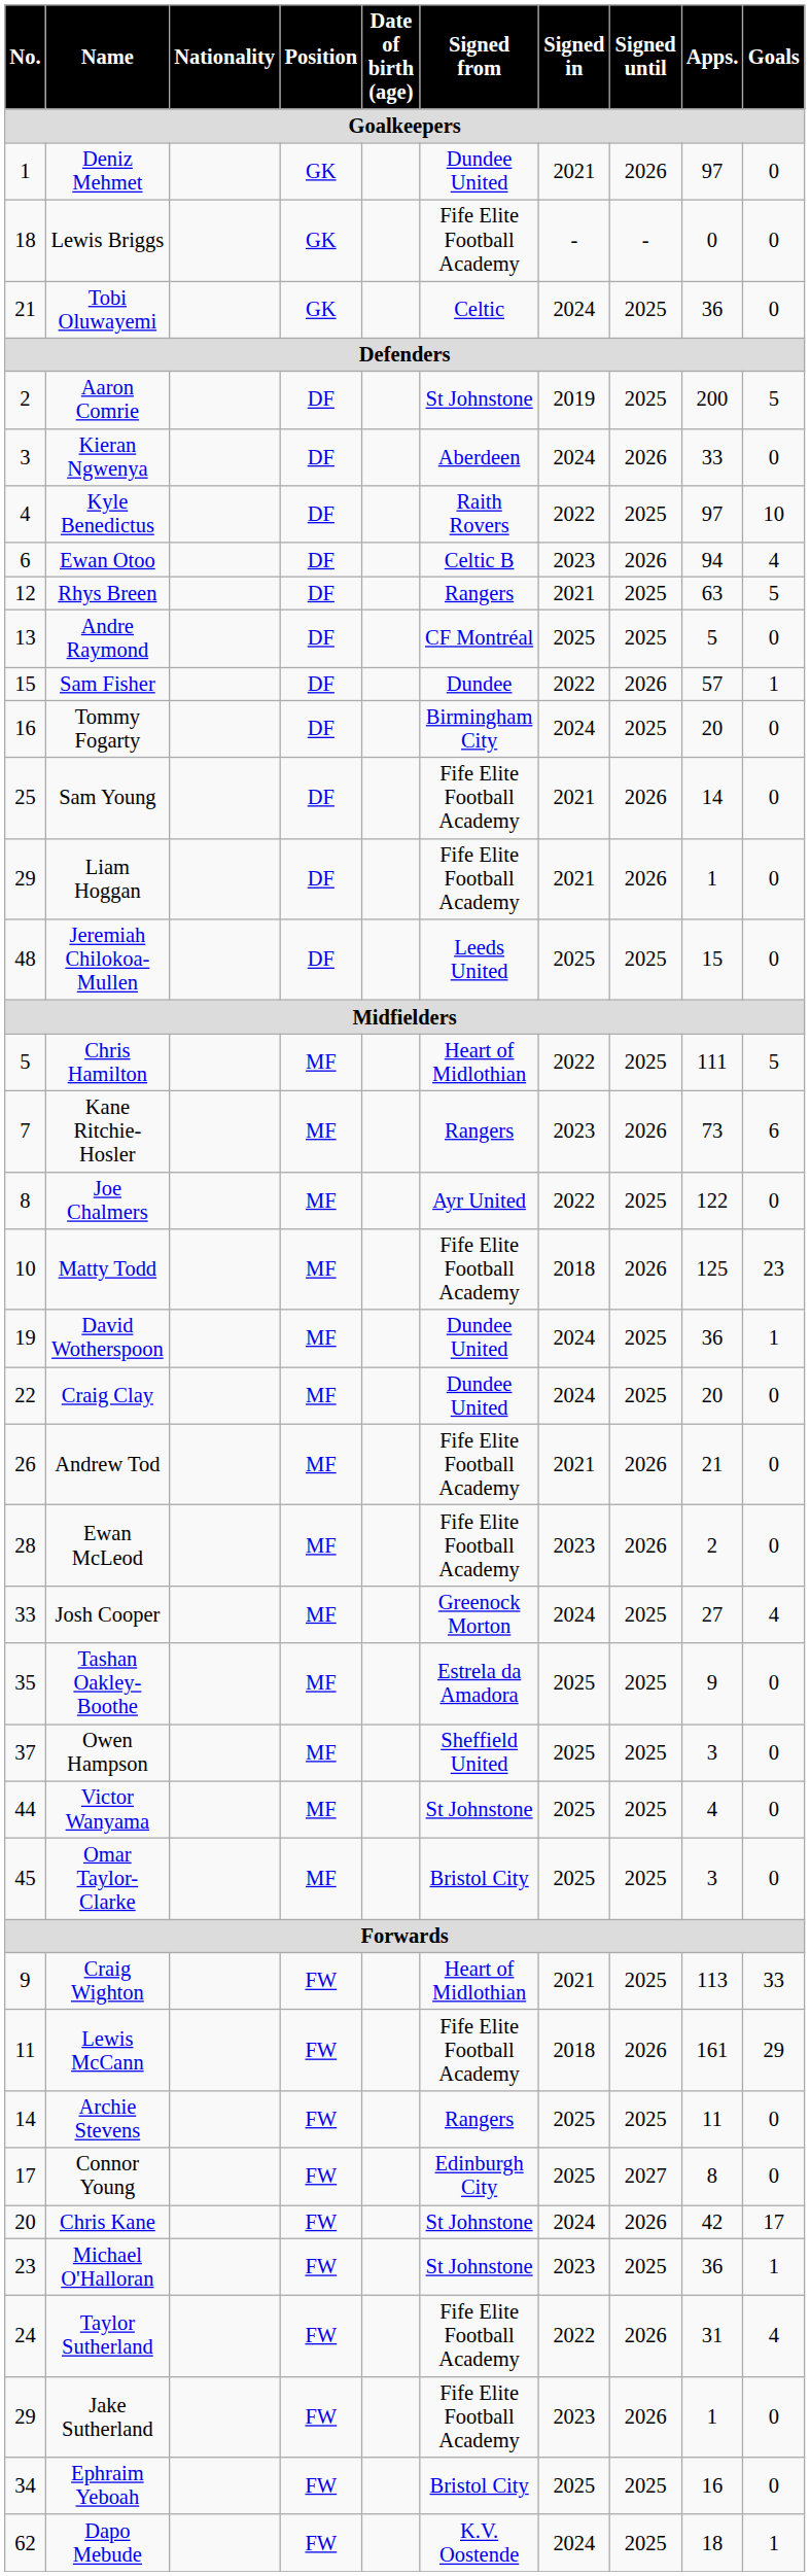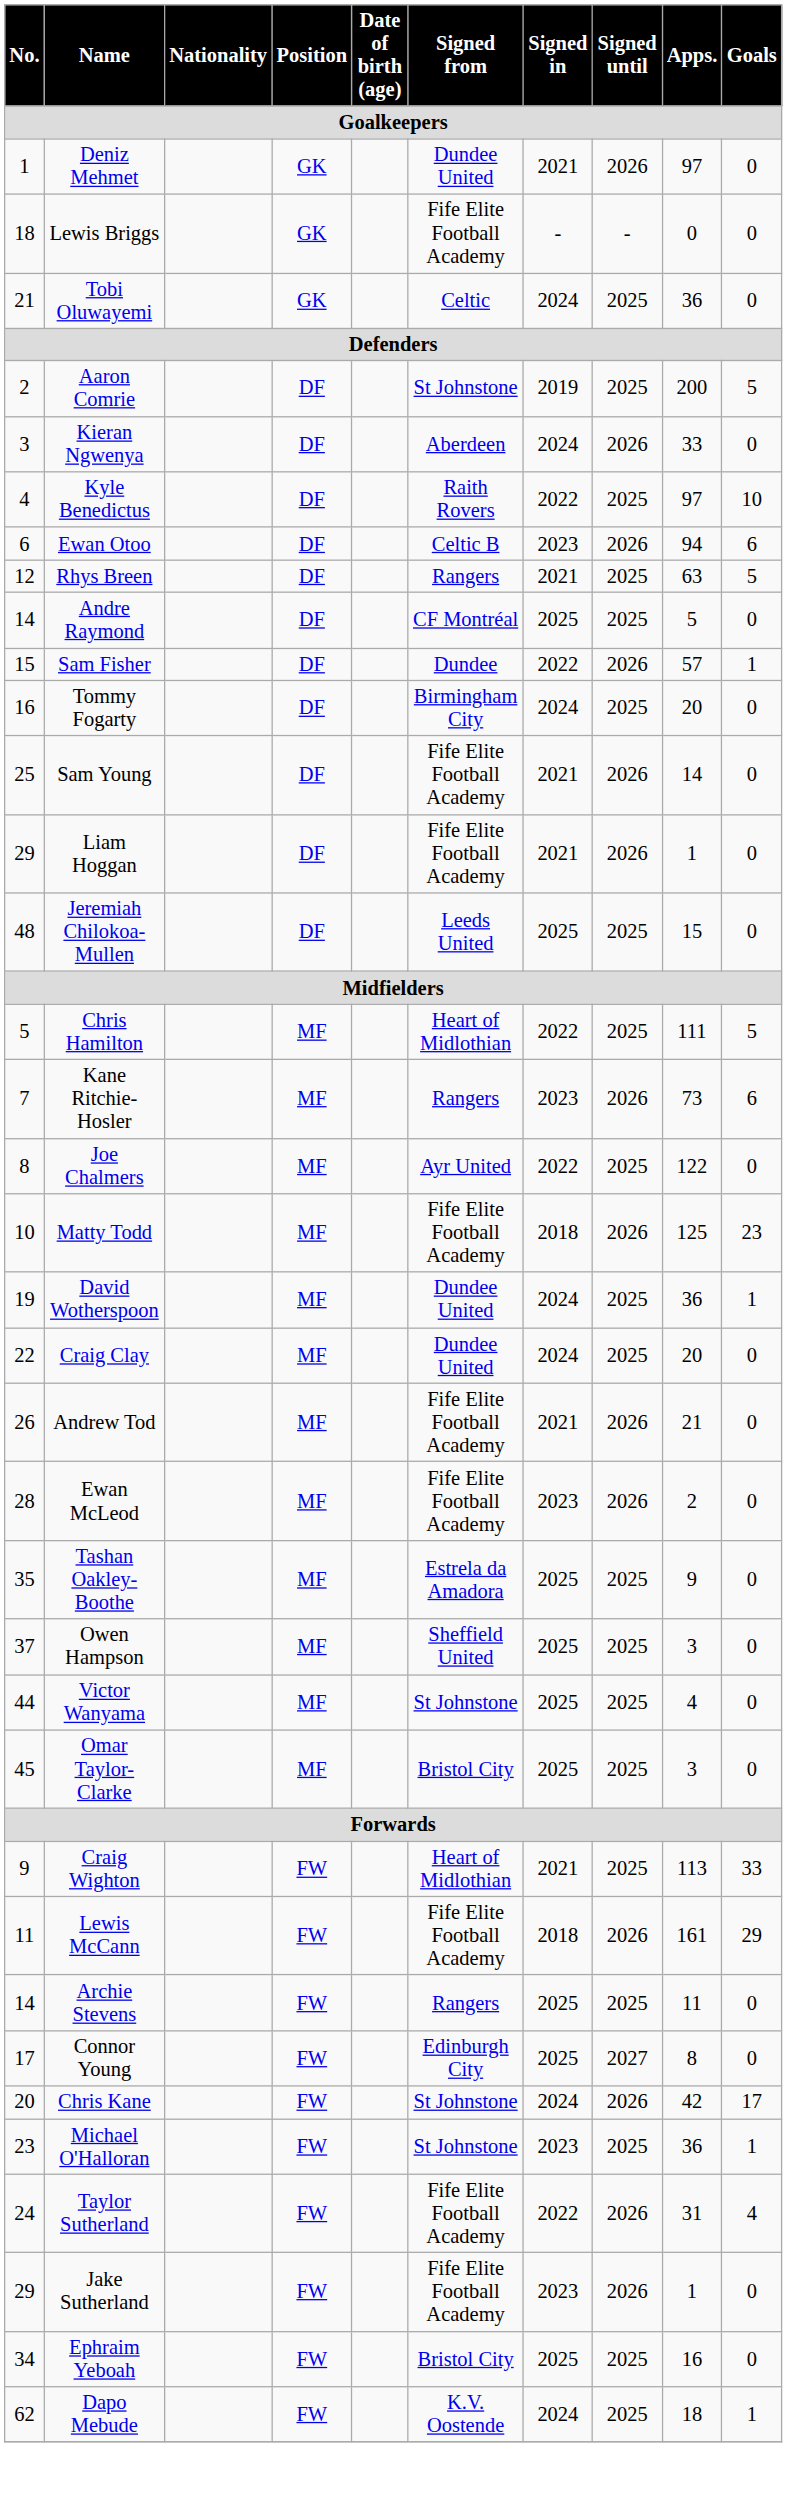 <table class="wikitable"  style="text-align:center">
 <tr>
 <th style="background:#000000; color:white; text-align:center;">No.</th>
 <th style="background:#000000; color:white; text-align:center;">Name</th>
 <th style="background:#000000; color:white; text-align:center;">Nationality</th>
 <th style="background:#000000; color:white; text-align:center;">Position</th>
 <th style="background:#000000; color:white; text-align:center;">Date of birth (age)</th>
 <th style="background:#000000; color:white; text-align:center;">Signed from</th>
 <th style="background:#000000; color:white; text-align:center;">Signed in</th>
 <th style="background:#000000; color:white; text-align:center;">Signed until</th>
 <th style="background:#000000; color:white; text-align:center;">Apps.</th>
 <th style="background:#000000; color:white; te13xt-align:center;">Goals</th>
 </tr>
 <tr>
 <th colspan="10" style="background:#dcdcdc; text-align:center;">Goalkeepers</th>
 </tr>
 <tr>
 <td>1</td>
 <td><a href='#'>Deniz Mehmet</a></td>
 <td></td>
 <td><a href='#'>GK</a></td>
 <td></td>
 <td><a href='#'>Dundee United</a></td>
 <td>2021</td>
 <td>2026</td>
 <td>97</td>
 <td>0</td>
 </tr>
 <tr>
 <td>18</td>
 <td>Lewis Briggs</td>
 <td></td>
 <td><a href='#'>GK</a></td>
 <td></td>
 <td>Fife Elite Football Academy</td>
 <td>-</td>
 <td>-</td>
 <td>0</td>
 <td>0</td>
 </tr>
 <tr>
 <td>21</td>
 <td><a href='#'>Tobi Oluwayemi</a></td>
 <td></td>
 <td><a href='#'>GK</a></td>
 <td></td>
 <td><a href='#'>Celtic</a></td>
 <td>2024</td>
 <td>2025</td>
 <td>36</td>
 <td>0</td>
 </tr>
 <tr>
 <th colspan="10" style="background:#dcdcdc; text-align:center;">Defenders</th>
 </tr>
 <tr>
 <td>2</td>
 <td><a href='#'>Aaron Comrie</a></td>
 <td></td>
 <td><a href='#'>DF</a></td>
 <td></td>
 <td><a href='#'>St Johnstone</a></td>
 <td>2019</td>
 <td>2025</td>
 <td>200</td>
 <td>5</td>
 </tr>
 <tr>
 <td>3</td>
 <td><a href='#'>Kieran Ngwenya</a></td>
 <td></td>
 <td><a href='#'>DF</a></td>
 <td></td>
 <td><a href='#'>Aberdeen</a></td>
 <td>2024</td>
 <td>2026</td>
 <td>33</td>
 <td>0</td>
 </tr>
 <tr>
 <td>4</td>
 <td><a href='#'>Kyle Benedictus</a></td>
 <td></td>
 <td><a href='#'>DF</a></td>
 <td></td>
 <td><a href='#'>Raith Rovers</a></td>
 <td>2022</td>
 <td>2025</td>
 <td>97</td>
 <td>10</td>
 </tr>
 <tr>
 <td>6</td>
 <td><a href='#'>Ewan Otoo</a></td>
 <td></td>
 <td><a href='#'>DF</a></td>
 <td></td>
 <td><a href='#'>Celtic B</a></td>
 <td>2023</td>
 <td>2026</td>
 <td>94</td>
-<td>4</td>
+<td>6</td>
 </tr>
 <tr>
 <td>12</td>
 <td><a href='#'>Rhys Breen</a></td>
 <td></td>
 <td><a href='#'>DF</a></td>
 <td></td>
 <td><a href='#'>Rangers</a></td>
 <td>2021</td>
 <td>2025</td>
 <td>63</td>
 <td>5</td>
 </tr>
 <tr>
-<td>13</td>
+<td>14</td>
 <td><a href='#'>Andre Raymond</a></td>
 <td></td>
 <td><a href='#'>DF</a></td>
 <td></td>
 <td><a href='#'>CF Montréal</a></td>
 <td>2025</td>
 <td>2025</td>
 <td>5</td>
 <td>0</td>
 </tr>
 <tr>
 <td>15</td>
 <td><a href='#'>Sam Fisher</a></td>
 <td></td>
 <td><a href='#'>DF</a></td>
 <td></td>
 <td><a href='#'>Dundee</a></td>
 <td>2022</td>
 <td>2026</td>
 <td>57</td>
 <td>1</td>
 </tr>
 <tr>
 <td>16</td>
 <td>Tommy Fogarty</td>
 <td></td>
 <td><a href='#'>DF</a></td>
 <td></td>
 <td><a href='#'>Birmingham City</a></td>
 <td>2024</td>
 <td>2025</td>
 <td>20</td>
 <td>0</td>
 </tr>
 <tr>
 <td>25</td>
 <td>Sam Young</td>
 <td></td>
 <td><a href='#'>DF</a></td>
 <td></td>
 <td>Fife Elite Football Academy</td>
 <td>2021</td>
 <td>2026</td>
 <td>14</td>
 <td>0</td>
 </tr>
 <tr>
 <td>29</td>
 <td>Liam Hoggan</td>
 <td></td>
 <td><a href='#'>DF</a></td>
 <td></td>
 <td>Fife Elite Football Academy</td>
 <td>2021</td>
 <td>2026</td>
 <td>1</td>
 <td>0</td>
 </tr>
 <tr>
 <td>48</td>
 <td><a href='#'>Jeremiah Chilokoa-Mullen</a></td>
 <td></td>
 <td><a href='#'>DF</a></td>
 <td></td>
 <td><a href='#'>Leeds United</a></td>
 <td>2025</td>
 <td>2025</td>
 <td>15</td>
 <td>0</td>
 </tr>
 <tr>
 <th colspan="10" style="background:#dcdcdc; text-align:center;">Midfielders</th>
 </tr>
 <tr>
 <td>5</td>
 <td><a href='#'>Chris Hamilton</a></td>
 <td></td>
 <td><a href='#'>MF</a></td>
 <td></td>
 <td><a href='#'>Heart of Midlothian</a></td>
 <td>2022</td>
 <td>2025</td>
 <td>111</td>
 <td>5</td>
 </tr>
 <tr>
 <td>7</td>
 <td>Kane Ritchie-Hosler</td>
 <td></td>
 <td><a href='#'>MF</a></td>
 <td></td>
 <td><a href='#'>Rangers</a></td>
 <td>2023</td>
 <td>2026</td>
 <td>73</td>
 <td>6</td>
 </tr>
 <tr>
 <td>8</td>
 <td><a href='#'>Joe Chalmers</a></td>
 <td></td>
 <td><a href='#'>MF</a></td>
 <td></td>
 <td><a href='#'>Ayr United</a></td>
 <td>2022</td>
 <td>2025</td>
 <td>122</td>
 <td>0</td>
 </tr>
 <tr>
 <td>10</td>
 <td><a href='#'>Matty Todd</a></td>
 <td></td>
 <td><a href='#'>MF</a></td>
 <td></td>
 <td>Fife Elite Football Academy</td>
 <td>2018</td>
 <td>2026</td>
 <td>125</td>
 <td>23</td>
 </tr>
 <tr>
 <td>19</td>
 <td><a href='#'>David Wotherspoon</a></td>
 <td></td>
 <td><a href='#'>MF</a></td>
 <td></td>
 <td><a href='#'>Dundee United</a></td>
 <td>2024</td>
 <td>2025</td>
 <td>36</td>
 <td>1</td>
 </tr>
 <tr>
 <td>22</td>
 <td><a href='#'>Craig Clay</a></td>
 <td></td>
 <td><a href='#'>MF</a></td>
 <td></td>
 <td><a href='#'>Dundee United</a></td>
 <td>2024</td>
 <td>2025</td>
 <td>20</td>
 <td>0</td>
 </tr>
 <tr>
 <td>26</td>
 <td>Andrew Tod</td>
 <td></td>
 <td><a href='#'>MF</a></td>
 <td></td>
 <td>Fife Elite Football Academy</td>
 <td>2021</td>
 <td>2026</td>
 <td>21</td>
 <td>0</td>
 </tr>
 <tr>
 <td>28</td>
 <td>Ewan McLeod</td>
 <td></td>
 <td><a href='#'>MF</a></td>
 <td></td>
 <td>Fife Elite Football Academy</td>
 <td>2023</td>
 <td>2026</td>
 <td>2</td>
 <td>0</td>
-</tr>
-<tr>
-<td>33</td>
-<td>Josh Cooper</td>
-<td></td>
-<td><a href='#'>MF</a></td>
-<td></td>
-<td><a href='#'>Greenock Morton</a></td>
-<td>2024</td>
-<td>2025</td>
-<td>27</td>
-<td>4</td>
 </tr>
 <tr>
 <td>35</td>
 <td><a href='#'>Tashan Oakley-Boothe</a></td>
 <td></td>
 <td><a href='#'>MF</a></td>
 <td></td>
 <td><a href='#'>Estrela da Amadora</a></td>
 <td>2025</td>
 <td>2025</td>
 <td>9</td>
 <td>0</td>
 </tr>
 <tr>
 <td>37</td>
 <td>Owen Hampson</td>
 <td></td>
 <td><a href='#'>MF</a></td>
 <td></td>
 <td><a href='#'>Sheffield United</a></td>
 <td>2025</td>
 <td>2025</td>
 <td>3</td>
 <td>0</td>
 </tr>
 <tr>
 <td>44</td>
 <td><a href='#'>Victor Wanyama</a></td>
 <td></td>
 <td><a href='#'>MF</a></td>
 <td></td>
 <td><a href='#'>St Johnstone</a></td>
 <td>2025</td>
 <td>2025</td>
 <td>4</td>
 <td>0</td>
 </tr>
 <tr>
 <td>45</td>
 <td><a href='#'>Omar Taylor-Clarke</a></td>
 <td></td>
 <td><a href='#'>MF</a></td>
 <td></td>
 <td><a href='#'>Bristol City</a></td>
 <td>2025</td>
 <td>2025</td>
 <td>3</td>
 <td>0</td>
 </tr>
 <tr>
 <th colspan="10" style="background:#dcdcdc; text-align:center;"><strong>Forwards</strong></th>
 </tr>
 <tr>
 <td>9</td>
 <td><a href='#'>Craig Wighton</a></td>
 <td></td>
 <td><a href='#'>FW</a></td>
 <td></td>
 <td><a href='#'>Heart of Midlothian</a></td>
 <td>2021</td>
 <td>2025</td>
 <td>113</td>
 <td>33</td>
 </tr>
 <tr>
 <td>11</td>
 <td><a href='#'>Lewis McCann</a></td>
 <td></td>
 <td><a href='#'>FW</a></td>
 <td></td>
 <td>Fife Elite Football Academy</td>
 <td>2018</td>
 <td>2026</td>
 <td>161</td>
 <td>29</td>
 </tr>
 <tr>
 <td>14</td>
 <td><a href='#'>Archie Stevens</a></td>
 <td></td>
 <td><a href='#'>FW</a></td>
 <td></td>
 <td><a href='#'>Rangers</a></td>
 <td>2025</td>
 <td>2025</td>
 <td>11</td>
 <td>0</td>
 </tr>
 <tr>
 <td>17</td>
 <td>Connor Young</td>
 <td></td>
 <td><a href='#'>FW</a></td>
 <td></td>
 <td><a href='#'>Edinburgh City</a></td>
 <td>2025</td>
 <td>2027</td>
 <td>8</td>
 <td>0</td>
 </tr>
 <tr>
 <td>20</td>
 <td><a href='#'>Chris Kane</a></td>
 <td></td>
 <td><a href='#'>FW</a></td>
 <td></td>
 <td><a href='#'>St Johnstone</a></td>
 <td>2024</td>
 <td>2026</td>
 <td>42</td>
 <td>17</td>
 </tr>
 <tr>
 <td>23</td>
 <td><a href='#'>Michael O'Halloran</a></td>
 <td></td>
 <td><a href='#'>FW</a></td>
 <td></td>
 <td><a href='#'>St Johnstone</a></td>
 <td>2023</td>
 <td>2025</td>
 <td>36</td>
 <td>1</td>
 </tr>
 <tr>
 <td>24</td>
 <td><a href='#'>Taylor Sutherland</a></td>
 <td></td>
 <td><a href='#'>FW</a></td>
 <td></td>
 <td>Fife Elite Football Academy</td>
 <td>2022</td>
 <td>2026</td>
 <td>31</td>
 <td>4</td>
 </tr>
 <tr>
 <td>29</td>
 <td>Jake Sutherland</td>
 <td></td>
 <td><a href='#'>FW</a></td>
 <td></td>
 <td>Fife Elite Football Academy</td>
 <td>2023</td>
 <td>2026</td>
 <td>1</td>
 <td>0</td>
 </tr>
 <tr>
 <td>34</td>
 <td><a href='#'>Ephraim Yeboah</a></td>
 <td></td>
 <td><a href='#'>FW</a></td>
 <td></td>
 <td><a href='#'>Bristol City</a></td>
 <td>2025</td>
 <td>2025</td>
 <td>16</td>
 <td>0</td>
 </tr>
 <tr>
 <td>62</td>
 <td><a href='#'>Dapo Mebude</a></td>
 <td></td>
 <td><a href='#'>FW</a></td>
 <td></td>
 <td><a href='#'>K.V. Oostende</a></td>
 <td>2024</td>
 <td>2025</td>
 <td>18</td>
 <td>1</td>
 </tr>
 <tr>
 </tr>
 </table>
